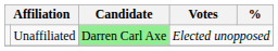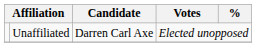 <table class="wikitable sortable">
 <tr>
 <th colspan=2>Affiliation</th>
 <th>Candidate</th>
 <th>Votes</th>
 <th>%</th>
 </tr>
 <tr>
 <td bgcolor=></td>
 <td>Unaffiliated</td>
-<td style="background: lightgreen;">Darren Carl Axe</td>
+<td>Darren Carl Axe</td>
 <td colspan=2><em>Elected unopposed</em></td>
 </tr>
 <tr>
 </tr>
 </table>
